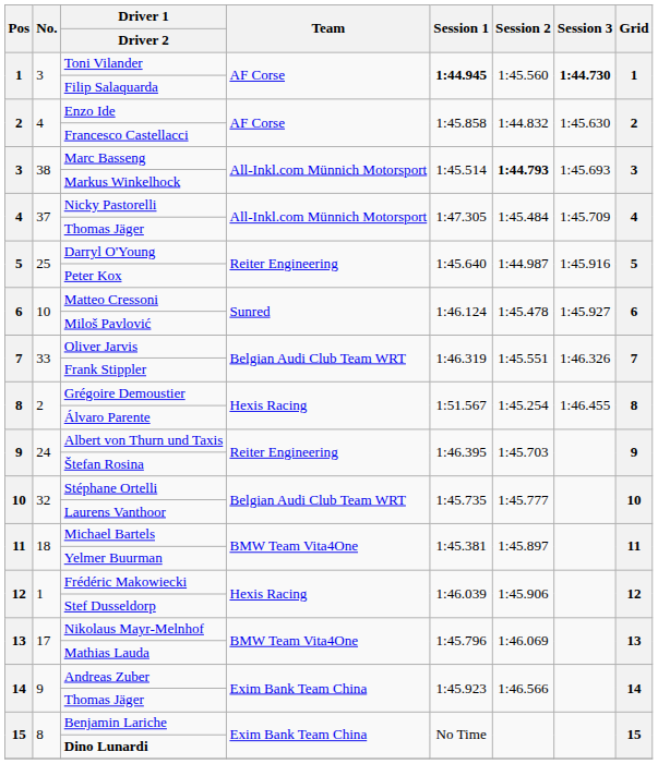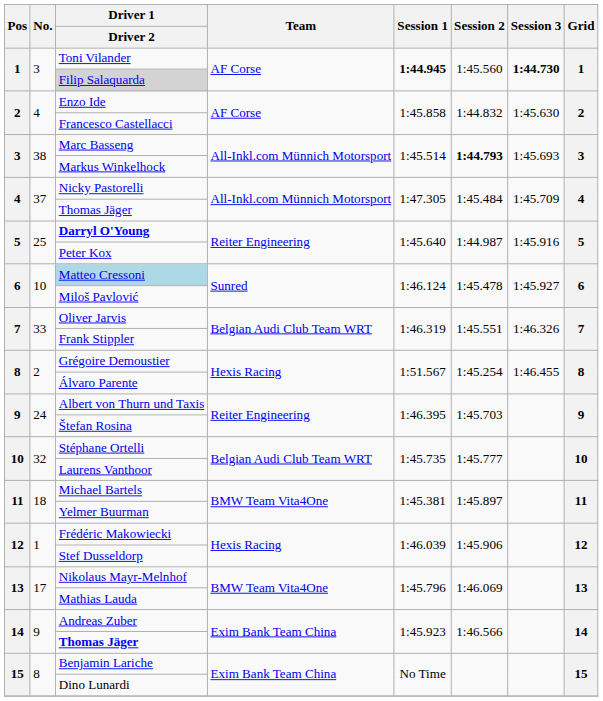 <table class="wikitable" style="font-size: 90%;">
 <tr>
 <th rowspan=2>Pos</th>
 <th rowspan=2>No.</th>
 <th>Driver 1</th>
 <th rowspan=2>Team</th>
 <th rowspan=2>Session 1</th>
 <th rowspan=2>Session 2</th>
 <th rowspan=2>Session 3</th>
 <th rowspan=2>Grid</th>
 </tr>
 <tr>
 <th>Driver 2</th>
 </tr>
 <tr>
 <th rowspan=2>1</th>
 <td rowspan=2>3</td>
 <td> <a href='#'>Toni Vilander</a></td>
 <td rowspan=2> <a href='#'>AF Corse</a></td>
 <td rowspan=2 align="center"><strong>1:44.945</strong></td>
 <td rowspan=2 align="center">1:45.560</td>
 <td rowspan=2 align="center"><strong>1:44.730</strong></td>
 <th rowspan=2>1</th>
 </tr>
 <tr>
-<td> <a href='#'>Filip Salaquarda</a></td>
+<td style="background: lightgrey;"> <a href='#'>Filip Salaquarda</a></td>
 </tr>
 <tr>
 <th rowspan=2>2</th>
 <td rowspan=2>4</td>
 <td> <a href='#'>Enzo Ide</a></td>
 <td rowspan=2> <a href='#'>AF Corse</a></td>
 <td rowspan=2 align="center">1:45.858</td>
 <td rowspan=2 align="center">1:44.832</td>
 <td rowspan=2 align="center">1:45.630</td>
 <th rowspan=2>2</th>
 </tr>
 <tr>
 <td> <a href='#'>Francesco Castellacci</a></td>
 </tr>
 <tr>
 <th rowspan=2>3</th>
 <td rowspan=2>38</td>
 <td> <a href='#'>Marc Basseng</a></td>
 <td rowspan=2> <a href='#'>All-Inkl.com Münnich Motorsport</a></td>
 <td rowspan=2 align="center">1:45.514</td>
 <td rowspan=2 align="center"><strong>1:44.793</strong></td>
 <td rowspan=2 align="center">1:45.693</td>
 <th rowspan=2>3</th>
 </tr>
 <tr>
 <td> <a href='#'>Markus Winkelhock</a></td>
 </tr>
 <tr>
 <th rowspan=2>4</th>
 <td rowspan=2>37</td>
 <td> <a href='#'>Nicky Pastorelli</a></td>
 <td rowspan=2> <a href='#'>All-Inkl.com Münnich Motorsport</a></td>
 <td rowspan=2 align="center">1:47.305</td>
 <td rowspan=2 align="center">1:45.484</td>
 <td rowspan=2 align="center">1:45.709</td>
 <th rowspan=2>4</th>
 </tr>
 <tr>
 <td> <a href='#'>Thomas Jäger</a></td>
 </tr>
 <tr>
 <th rowspan=2>5</th>
 <td rowspan=2>25</td>
-<td> <a href='#'>Darryl O'Young</a></td>
+<td><strong> <a href='#'>Darryl O'Young</a></strong></td>
 <td rowspan=2> <a href='#'>Reiter Engineering</a></td>
 <td rowspan=2 align="center">1:45.640</td>
 <td rowspan=2 align="center">1:44.987</td>
 <td rowspan=2 align="center">1:45.916</td>
 <th rowspan=2>5</th>
 </tr>
 <tr>
 <td> <a href='#'>Peter Kox</a></td>
 </tr>
 <tr>
 <th rowspan=2>6</th>
 <td rowspan=2>10</td>
-<td> <a href='#'>Matteo Cressoni</a></td>
+<td style="background: lightblue;"> <a href='#'>Matteo Cressoni</a></td>
 <td rowspan=2> <a href='#'>Sunred</a></td>
 <td rowspan=2 align="center">1:46.124</td>
 <td rowspan=2 align="center">1:45.478</td>
 <td rowspan=2 align="center">1:45.927</td>
 <th rowspan=2>6</th>
 </tr>
 <tr>
 <td> <a href='#'>Miloš Pavlović</a></td>
 </tr>
 <tr>
 <th rowspan=2>7</th>
 <td rowspan=2>33</td>
 <td> <a href='#'>Oliver Jarvis</a></td>
 <td rowspan=2> <a href='#'>Belgian Audi Club Team WRT</a></td>
 <td rowspan=2 align="center">1:46.319</td>
 <td rowspan=2 align="center">1:45.551</td>
 <td rowspan=2 align="center">1:46.326</td>
 <th rowspan=2>7</th>
 </tr>
 <tr>
 <td> <a href='#'>Frank Stippler</a></td>
 </tr>
 <tr>
 <th rowspan=2>8</th>
 <td rowspan=2>2</td>
 <td> <a href='#'>Grégoire Demoustier</a></td>
 <td rowspan=2> <a href='#'>Hexis Racing</a></td>
 <td rowspan=2 align="center">1:51.567</td>
 <td rowspan=2 align="center">1:45.254</td>
 <td rowspan=2 align="center">1:46.455</td>
 <th rowspan=2>8</th>
 </tr>
 <tr>
 <td> <a href='#'>Álvaro Parente</a></td>
 </tr>
 <tr>
 <th rowspan=2>9</th>
 <td rowspan=2>24</td>
 <td> <a href='#'>Albert von Thurn und Taxis</a></td>
 <td rowspan=2> <a href='#'>Reiter Engineering</a></td>
 <td rowspan=2 align="center">1:46.395</td>
 <td rowspan=2 align="center">1:45.703</td>
 <td rowspan=2 align="center"></td>
 <th rowspan=2>9</th>
 </tr>
 <tr>
 <td> <a href='#'>Štefan Rosina</a></td>
 </tr>
 <tr>
 <th rowspan=2>10</th>
 <td rowspan=2>32</td>
 <td> <a href='#'>Stéphane Ortelli</a></td>
 <td rowspan=2> <a href='#'>Belgian Audi Club Team WRT</a></td>
 <td rowspan=2 align="center">1:45.735</td>
 <td rowspan=2 align="center">1:45.777</td>
 <td rowspan=2 align="center"></td>
 <th rowspan=2>10</th>
 </tr>
 <tr>
 <td> <a href='#'>Laurens Vanthoor</a></td>
 </tr>
 <tr>
 <th rowspan=2>11</th>
 <td rowspan=2>18</td>
 <td> <a href='#'>Michael Bartels</a></td>
 <td rowspan=2> <a href='#'>BMW Team Vita4One</a></td>
 <td rowspan=2 align="center">1:45.381</td>
 <td rowspan=2 align="center">1:45.897</td>
 <td rowspan=2 align="center"></td>
 <th rowspan=2>11</th>
 </tr>
 <tr>
 <td> <a href='#'>Yelmer Buurman</a></td>
 </tr>
 <tr>
 <th rowspan=2>12</th>
 <td rowspan=2>1</td>
 <td> <a href='#'>Frédéric Makowiecki</a></td>
 <td rowspan=2> <a href='#'>Hexis Racing</a></td>
 <td rowspan=2 align="center">1:46.039</td>
 <td rowspan=2 align="center">1:45.906</td>
 <td rowspan=2 align="center"></td>
 <th rowspan=2>12</th>
 </tr>
 <tr>
 <td> <a href='#'>Stef Dusseldorp</a></td>
 </tr>
 <tr>
 <th rowspan=2>13</th>
 <td rowspan=2>17</td>
 <td> <a href='#'>Nikolaus Mayr-Melnhof</a></td>
 <td rowspan=2> <a href='#'>BMW Team Vita4One</a></td>
 <td rowspan=2 align="center">1:45.796</td>
 <td rowspan=2 align="center">1:46.069</td>
 <td rowspan=2 align="center"></td>
 <th rowspan=2>13</th>
 </tr>
 <tr>
 <td> <a href='#'>Mathias Lauda</a></td>
 </tr>
 <tr>
 <th rowspan=2>14</th>
 <td rowspan=2>9</td>
 <td> <a href='#'>Andreas Zuber</a></td>
 <td rowspan=2> <a href='#'>Exim Bank Team China</a></td>
 <td rowspan=2 align="center">1:45.923</td>
 <td rowspan=2 align="center">1:46.566</td>
 <td rowspan=2 align="center"></td>
 <th rowspan=2>14</th>
 </tr>
 <tr>
-<td> <a href='#'>Thomas Jäger</a></td>
+<td><strong> <a href='#'>Thomas Jäger</a></strong></td>
 </tr>
 <tr>
 <th rowspan=2>15</th>
 <td rowspan=2>8</td>
 <td> <a href='#'>Benjamin Lariche</a></td>
 <td rowspan=2> <a href='#'>Exim Bank Team China</a></td>
 <td rowspan=2 align="center">No Time</td>
 <td rowspan=2 align="center"></td>
 <td rowspan=2 align="center"></td>
 <th rowspan=2>15</th>
 </tr>
 <tr>
-<td><strong> Dino Lunardi</strong></td>
+<td> Dino Lunardi</td>
 </tr>
 <tr>
 </tr>
 </table>
